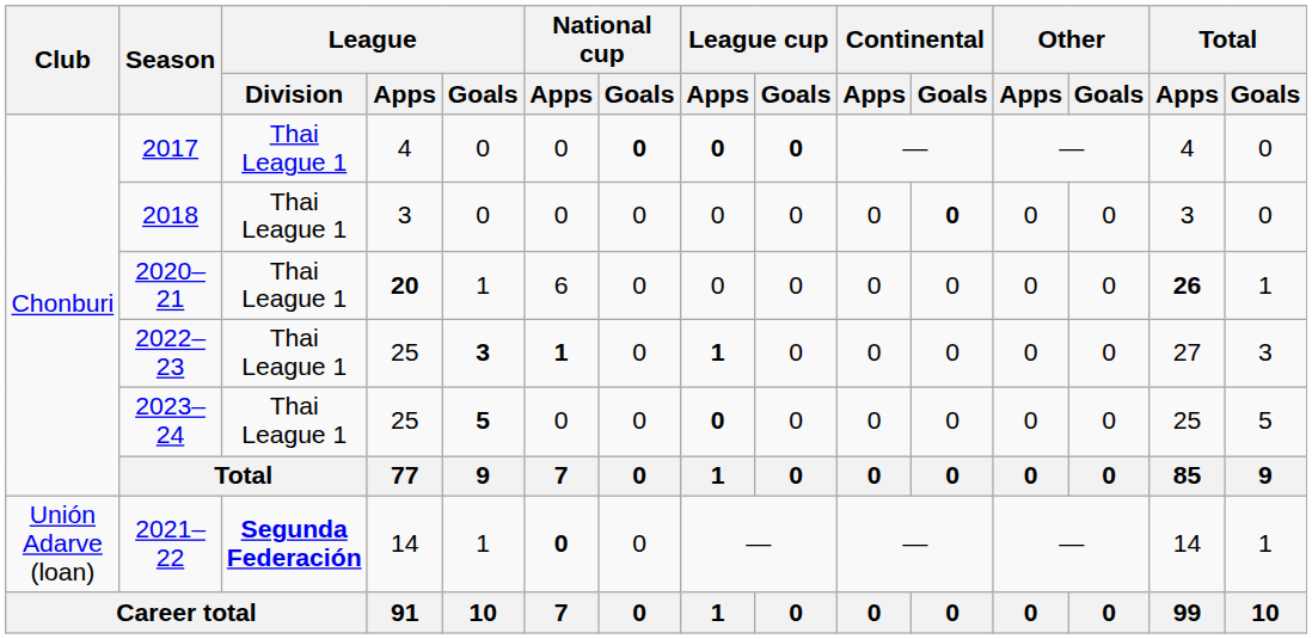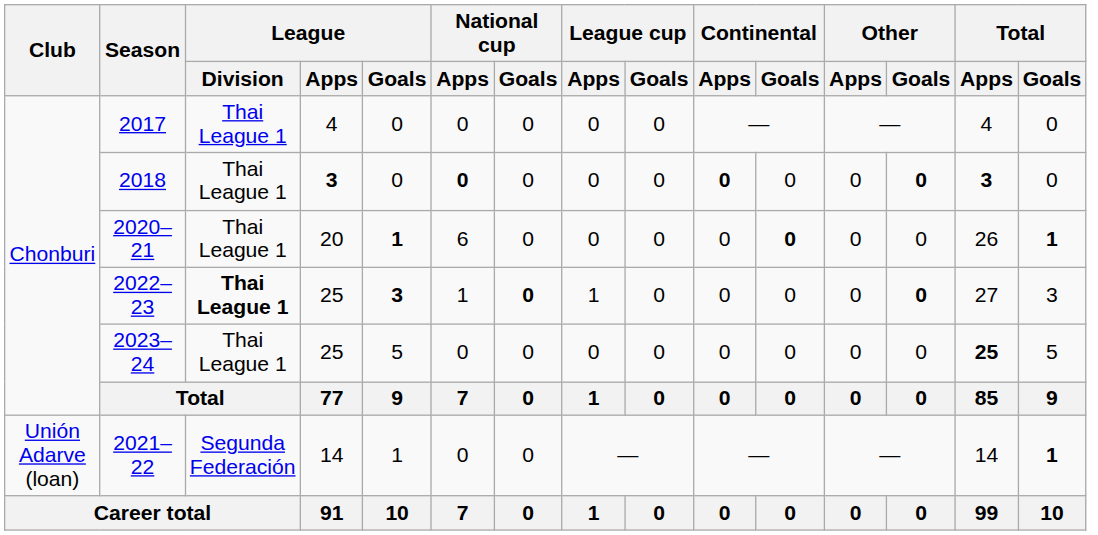 <table class=wikitable style=text-align:center>
 <tr>
 <th rowspan=2>Club</th>
 <th rowspan=2>Season</th>
 <th colspan=3>League</th>
 <th colspan=2>National cup</th>
 <th colspan=2>League cup</th>
 <th colspan=2>Continental</th>
 <th colspan=2>Other</th>
 <th colspan=2>Total</th>
 </tr>
 <tr>
 <th>Division</th>
 <th>Apps</th>
 <th>Goals</th>
 <th>Apps</th>
 <th>Goals</th>
 <th>Apps</th>
 <th>Goals</th>
 <th>Apps</th>
 <th>Goals</th>
 <th>Apps</th>
 <th>Goals</th>
 <th>Apps</th>
 <th>Goals</th>
 </tr>
 <tr>
 <td rowspan="6"><a href='#'>Chonburi</a></td>
 <td><a href='#'>2017</a></td>
 <td><a href='#'>Thai League 1</a></td>
 <td>4</td>
 <td>0</td>
 <td>0</td>
-<td><strong>0</strong></td>
-<td><strong>0</strong></td>
-<td><strong>0</strong></td>
+<td>0</td>
+<td>0</td>
+<td>0</td>
 <td colspan="2">—</td>
 <td colspan="2">—</td>
 <td>4</td>
 <td>0</td>
 </tr>
 <tr>
 <td><a href='#'>2018</a></td>
 <td>Thai League 1</td>
-<td>3</td>
+<td><strong>3</strong></td>
+<td>0</td>
+<td><strong>0</strong></td>
 <td>0</td>
 <td>0</td>
+<td>0</td>
+<td><strong>0</strong></td>
+<td>0</td>
+<td>0</td>
+<td><strong>0</strong></td>
+<td><strong>3</strong></td>
+<td>0</td>
+</tr>
+<tr>
+<td><a href='#'>2020–21</a></td>
+<td>Thai League 1</td>
+<td>20</td>
+<td><strong>1</strong></td>
+<td>6</td>
 <td>0</td>
 <td>0</td>
 <td>0</td>
 <td>0</td>
 <td><strong>0</strong></td>
 <td>0</td>
 <td>0</td>
-<td>3</td>
-<td>0</td>
+<td>26</td>
+<td><strong>1</strong></td>
 </tr>
 <tr>
-<td><a href='#'>2020–21</a></td>
+<td><a href='#'>2022–23</a></td>
+<td><strong>Thai League 1</strong></td>
+<td>25</td>
+<td><strong>3</strong></td>
+<td>1</td>
+<td><strong>0</strong></td>
+<td>1</td>
+<td>0</td>
+<td>0</td>
+<td>0</td>
+<td>0</td>
+<td><strong>0</strong></td>
+<td>27</td>
+<td>3</td>
+</tr>
+<tr>
+<td><a href='#'>2023–24</a></td>
 <td>Thai League 1</td>
-<td><strong>20</strong></td>
-<td>1</td>
-<td>6</td>
+<td>25</td>
+<td>5</td>
 <td>0</td>
 <td>0</td>
 <td>0</td>
 <td>0</td>
 <td>0</td>
 <td>0</td>
 <td>0</td>
-<td><strong>26</strong></td>
-<td>1</td>
-</tr>
-<tr>
-<td><a href='#'>2022–23</a></td>
-<td>Thai League 1</td>
-<td>25</td>
-<td><strong>3</strong></td>
-<td><strong>1</strong></td>
 <td>0</td>
-<td><strong>1</strong></td>
-<td>0</td>
-<td>0</td>
-<td>0</td>
-<td>0</td>
-<td>0</td>
-<td>27</td>
-<td>3</td>
-</tr>
-<tr>
-<td><a href='#'>2023–24</a></td>
-<td>Thai League 1</td>
-<td>25</td>
-<td><strong>5</strong></td>
-<td>0</td>
-<td>0</td>
-<td><strong>0</strong></td>
-<td>0</td>
-<td>0</td>
-<td>0</td>
-<td>0</td>
-<td>0</td>
-<td>25</td>
+<td><strong>25</strong></td>
 <td>5</td>
 </tr>
 <tr>
 <th colspan="2">Total</th>
 <th>77</th>
 <th>9</th>
 <th>7</th>
 <th>0</th>
 <th>1</th>
 <th>0</th>
 <th>0</th>
 <th>0</th>
 <th>0</th>
 <th>0</th>
 <th>85</th>
 <th>9</th>
 </tr>
 <tr>
 <td><a href='#'>Unión Adarve</a> (loan)</td>
 <td><a href='#'>2021–22</a></td>
-<td><strong><a href='#'>Segunda Federación</a></strong></td>
+<td><a href='#'>Segunda Federación</a></td>
 <td>14</td>
 <td>1</td>
-<td><strong>0</strong></td>
+<td>0</td>
 <td>0</td>
 <td colspan="2">—</td>
 <td colspan="2">—</td>
 <td colspan="2">—</td>
 <td>14</td>
-<td>1</td>
+<td><strong>1</strong></td>
 </tr>
 <tr>
 <th colspan="3">Career total</th>
 <th>91</th>
 <th>10</th>
 <th>7</th>
 <th>0</th>
 <th>1</th>
 <th>0</th>
 <th>0</th>
 <th>0</th>
 <th>0</th>
 <th>0</th>
 <th>99</th>
 <th>10</th>
 </tr>
 </table>
